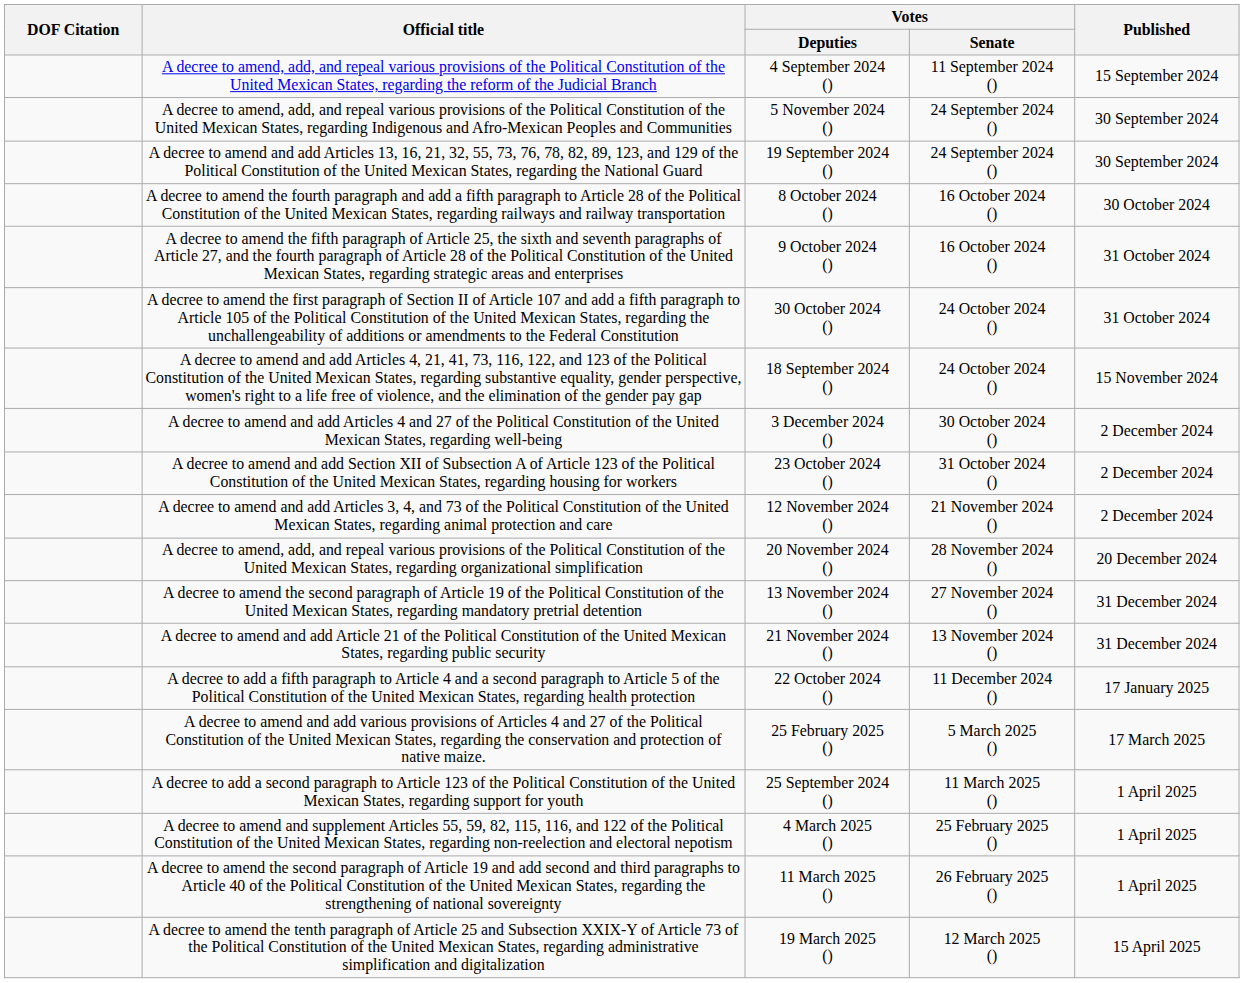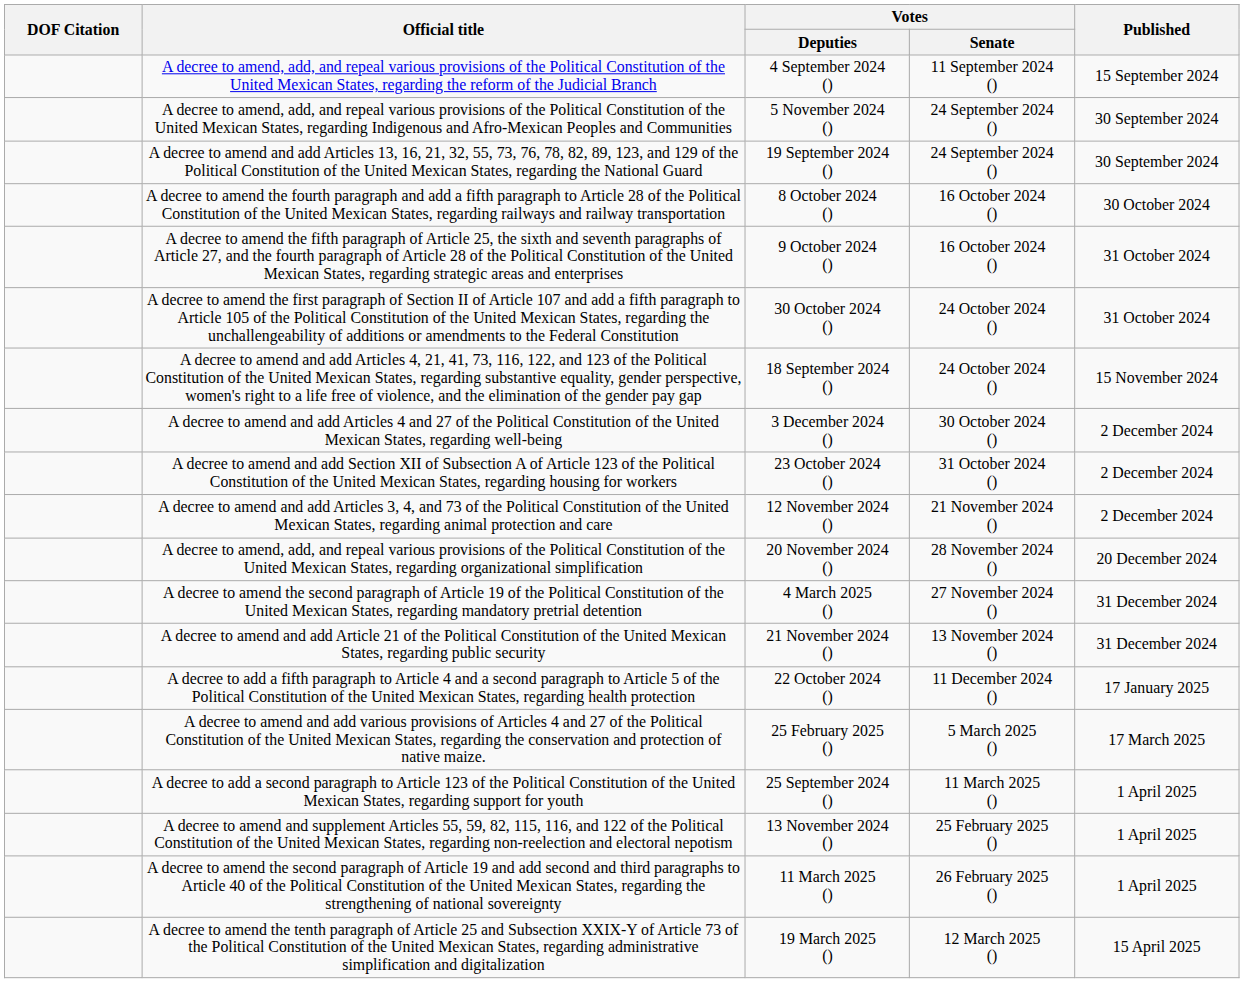 <table class="wikitable" style="text-align:center;">
 <tr>
 <th style="width:10%" rowspan="2">DOF Citation</th>
 <th style="width:44%" rowspan="2">Official title</th>
 <th style="width:24%" colspan="2">Votes</th>
 <th style="width:12% " rowspan="2">Published</th>
 </tr>
 <tr>
 <th>Deputies</th>
 <th>Senate</th>
 </tr>
 <tr>
 <td></td>
 <td><a href='#'>A decree to amend, add, and repeal various provisions of the Political Constitution of the United Mexican States, regarding the reform of the Judicial Branch</a><br></td>
 <td>4 September 2024<br>()</td>
 <td>11 September 2024<br>()</td>
 <td>15 September 2024</td>
 </tr>
 <tr>
 <td></td>
 <td>A decree to amend, add, and repeal various provisions of the Political Constitution of the United Mexican States, regarding Indigenous and Afro-Mexican Peoples and Communities<br></td>
 <td>5 November 2024<br>()</td>
 <td>24 September 2024<br>()</td>
 <td>30 September 2024</td>
 </tr>
 <tr>
 <td></td>
 <td>A decree to amend and add Articles 13, 16, 21, 32, 55, 73, 76, 78, 82, 89, 123, and 129 of the Political Constitution of the United Mexican States, regarding the National Guard<br></td>
 <td>19 September 2024<br>()</td>
 <td>24 September 2024<br>()</td>
 <td>30 September 2024</td>
 </tr>
 <tr>
 <td></td>
 <td>A decree to amend the fourth paragraph and add a fifth paragraph to Article 28 of the Political Constitution of the United Mexican States, regarding railways and railway transportation<br></td>
 <td>8 October 2024<br>()</td>
 <td>16 October 2024<br>()</td>
 <td>30 October 2024</td>
 </tr>
 <tr>
 <td></td>
 <td>A decree to amend the fifth paragraph of Article 25, the sixth and seventh paragraphs of Article 27, and the fourth paragraph of Article 28 of the Political Constitution of the United Mexican States, regarding strategic areas and enterprises<br></td>
 <td>9 October 2024<br>()</td>
 <td>16 October 2024<br>()</td>
 <td>31 October 2024</td>
 </tr>
 <tr>
 <td></td>
 <td>A decree to amend the first paragraph of Section II of Article 107 and add a fifth paragraph to Article 105 of the Political Constitution of the United Mexican States, regarding the unchallengeability of additions or amendments to the Federal Constitution<br></td>
 <td>30 October 2024<br>()</td>
 <td>24 October 2024<br>()</td>
 <td>31 October 2024</td>
 </tr>
 <tr>
 <td></td>
 <td>A decree to amend and add Articles 4, 21, 41, 73, 116, 122, and 123 of the Political Constitution of the United Mexican States, regarding substantive equality, gender perspective, women's right to a life free of violence, and the elimination of the gender pay gap<br></td>
 <td>18 September 2024<br>()</td>
 <td>24 October 2024<br>()</td>
 <td>15 November 2024</td>
 </tr>
 <tr>
 <td></td>
 <td>A decree to amend and add Articles 4 and 27 of the Political Constitution of the United Mexican States, regarding well-being<br></td>
 <td>3 December 2024<br>()</td>
 <td>30 October 2024<br>()</td>
 <td>2 December 2024</td>
 </tr>
 <tr>
 <td></td>
 <td>A decree to amend and add Section XII of Subsection A of Article 123 of the Political Constitution of the United Mexican States, regarding housing for workers<br></td>
 <td>23 October 2024<br>()</td>
 <td>31 October 2024<br>()</td>
 <td>2 December 2024</td>
 </tr>
 <tr>
 <td></td>
 <td>A decree to amend and add Articles 3, 4, and 73 of the Political Constitution of the United Mexican States, regarding animal protection and care<br></td>
 <td>12 November 2024<br>()</td>
 <td>21 November 2024<br>()</td>
 <td>2 December 2024</td>
 </tr>
 <tr>
 <td></td>
 <td>A decree to amend, add, and repeal various provisions of the Political Constitution of the United Mexican States, regarding organizational simplification<br></td>
 <td>20 November 2024<br>()</td>
 <td>28 November 2024<br>()</td>
 <td>20 December 2024</td>
 </tr>
 <tr>
 <td></td>
 <td>A decree to amend the second paragraph of Article 19 of the Political Constitution of the United Mexican States, regarding mandatory pretrial detention<br></td>
-<td>13 November 2024<br>()</td>
+<td>4 March 2025<br>()</td>
 <td>27 November 2024<br>()</td>
 <td>31 December 2024</td>
 </tr>
 <tr>
 <td></td>
 <td>A decree to amend and add Article 21 of the Political Constitution of the United Mexican States, regarding public security<br></td>
 <td>21 November 2024<br>()</td>
 <td>13 November 2024<br>()</td>
 <td>31 December 2024</td>
 </tr>
 <tr>
 <td></td>
 <td>A decree to add a fifth paragraph to Article 4 and a second paragraph to Article 5 of the Political Constitution of the United Mexican States, regarding health protection<br></td>
 <td>22 October 2024<br>()</td>
 <td>11 December 2024<br>()</td>
 <td>17 January 2025</td>
 </tr>
 <tr>
 <td></td>
 <td>A decree to amend and add various provisions of Articles 4 and 27 of the Political Constitution of the United Mexican States, regarding the conservation and protection of native maize.<br></td>
 <td>25 February 2025<br>()</td>
 <td>5 March 2025<br>()</td>
 <td>17 March 2025</td>
 </tr>
 <tr>
 <td></td>
 <td>A decree to add a second paragraph to Article 123 of the Political Constitution of the United Mexican States, regarding support for youth<br></td>
 <td>25 September 2024<br>()</td>
 <td>11 March 2025<br>()</td>
 <td>1 April 2025</td>
 </tr>
 <tr>
 <td></td>
 <td>A decree to amend and supplement Articles 55, 59, 82, 115, 116, and 122 of the Political Constitution of the United Mexican States, regarding non-reelection and electoral nepotism<br></td>
-<td>4 March 2025<br>()</td>
+<td>13 November 2024<br>()</td>
 <td>25 February 2025<br>()</td>
 <td>1 April 2025</td>
 </tr>
 <tr>
 <td></td>
 <td>A decree to amend the second paragraph of Article 19 and add second and third paragraphs to Article 40 of the Political Constitution of the United Mexican States, regarding the strengthening of national sovereignty<br></td>
 <td>11 March 2025<br>()</td>
 <td>26 February 2025<br>()</td>
 <td>1 April 2025</td>
 </tr>
 <tr>
 <td></td>
 <td>A decree to amend the tenth paragraph of Article 25 and Subsection XXIX-Y of Article 73 of the Political Constitution of the United Mexican States, regarding administrative simplification and digitalization<br></td>
 <td>19 March 2025<br>()</td>
 <td>12 March 2025<br>()</td>
 <td>15 April 2025</td>
 </tr>
 </table>
